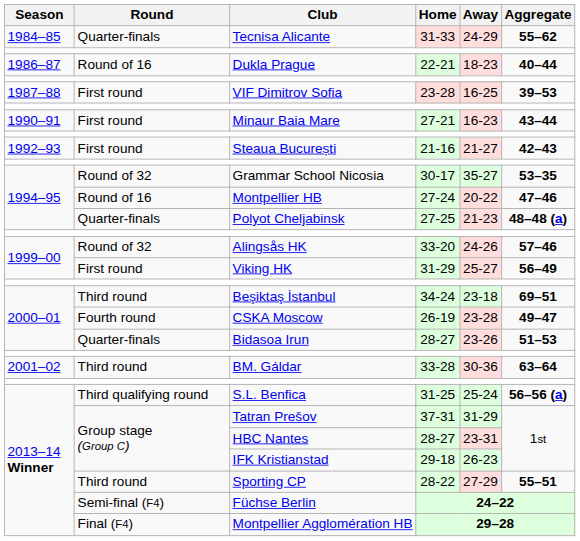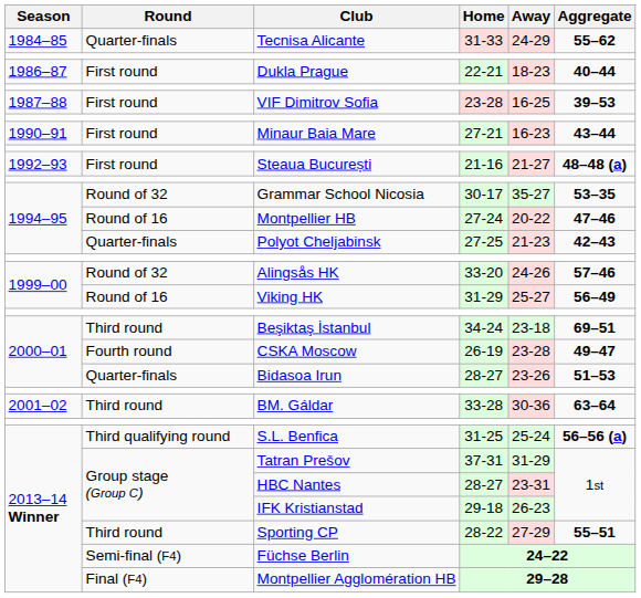 <table class="wikitable">
 <tr>
 <th width=75>Season</th>
 <th width=175>Round</th>
 <th>Club</th>
 <th>Home</th>
 <th>Away</th>
 <th>Aggregate</th>
 </tr>
 <tr>
 <td rowspan=1><a href='#'>1984–85</a></td>
 <td>Quarter-finals</td>
 <td> <a href='#'>Tecnisa Alicante</a></td>
 <td style="text-align:center; background:#fdd;">31-33</td>
 <td style="text-align:center; background:#fdd;">24-29</td>
 <td style="text-align:center;"><strong>55–62</strong></td>
 </tr>
 <tr>
 <td colspan=7 style="text-align: center;" bgcolor=white></td>
 </tr>
 <tr>
 <td rowspan=1><a href='#'>1986–87</a></td>
-<td>Round of 16</td>
+<td>First round</td>
 <td> <a href='#'>Dukla Prague</a></td>
 <td style="text-align:center; background:#dfd;">22-21</td>
 <td style="text-align:center; background:#fdd;">18-23</td>
 <td style="text-align:center;"><strong>40–44</strong></td>
 </tr>
 <tr>
 <td colspan=7 style="text-align: center;" bgcolor=white></td>
 </tr>
 <tr>
 <td rowspan=1><a href='#'>1987–88</a></td>
 <td>First round</td>
 <td> <a href='#'>VIF Dimitrov Sofia</a></td>
 <td style="text-align:center; background:#fdd;">23-28</td>
 <td style="text-align:center; background:#fdd;">16-25</td>
 <td style="text-align:center;"><strong>39–53</strong></td>
 </tr>
 <tr>
 <td colspan=7 style="text-align: center;" bgcolor=white></td>
 </tr>
 <tr>
 <td rowspan=1><a href='#'>1990–91</a></td>
 <td>First round</td>
 <td> <a href='#'>Minaur Baia Mare</a></td>
 <td style="text-align:center; background:#dfd;">27-21</td>
 <td style="text-align:center; background:#fdd;">16-23</td>
 <td style="text-align:center;"><strong>43–44</strong></td>
 </tr>
 <tr>
 <td colspan=7 style="text-align: center;" bgcolor=white></td>
 </tr>
 <tr>
 <td rowspan=1><a href='#'>1992–93</a></td>
 <td>First round</td>
 <td> <a href='#'>Steaua București</a></td>
 <td style="text-align:center; background:#dfd;">21-16</td>
 <td style="text-align:center; background:#fdd;">21-27</td>
-<td style="text-align:center;"><strong>42–43</strong></td>
+<td style="text-align:center;"><strong>48–48 (<a href='#'>a</a>)</strong></td>
 </tr>
 <tr>
 <td colspan=7 style="text-align: center;" bgcolor=white></td>
 </tr>
 <tr>
 <td rowspan=3><a href='#'>1994–95</a></td>
 <td>Round of 32</td>
 <td> Grammar School Nicosia</td>
 <td style="text-align:center; background:#dfd;">30-17</td>
 <td style="text-align:center; background:#dfd;">35-27</td>
 <td style="text-align:center;"><strong>53–35</strong></td>
 </tr>
 <tr>
 <td>Round of 16</td>
 <td> <a href='#'>Montpellier HB</a></td>
 <td style="text-align:center; background:#dfd;">27-24</td>
 <td style="text-align:center; background:#fdd;">20-22</td>
 <td style="text-align:center;"><strong>47–46</strong></td>
 </tr>
 <tr>
 <td>Quarter-finals</td>
 <td> <a href='#'>Polyot Cheljabinsk</a></td>
 <td style="text-align:center; background:#dfd;">27-25</td>
 <td style="text-align:center; background:#fdd;">21-23</td>
-<td style="text-align:center;"><strong>48–48 (<a href='#'>a</a>)</strong></td>
+<td style="text-align:center;"><strong>42–43</strong></td>
 </tr>
 <tr>
 <td colspan=7 style="text-align: center;" bgcolor=white></td>
 </tr>
 <tr>
 <td rowspan=2><a href='#'>1999–00</a></td>
 <td>Round of 32</td>
 <td> <a href='#'>Alingsås HK</a></td>
 <td style="text-align:center; background:#dfd;">33-20</td>
 <td style="text-align:center; background:#fdd;">24-26</td>
 <td style="text-align:center;"><strong>57–46</strong></td>
 </tr>
 <tr>
-<td>First round</td>
+<td>Round of 16</td>
 <td> <a href='#'>Viking HK</a></td>
 <td style="text-align:center; background:#dfd;">31-29</td>
 <td style="text-align:center; background:#fdd;">25-27</td>
 <td style="text-align:center;"><strong>56–49</strong></td>
 </tr>
 <tr>
 <td colspan=7 style="text-align: center;" bgcolor=white></td>
 </tr>
 <tr>
 <td rowspan=3><a href='#'>2000–01</a></td>
 <td>Third round</td>
 <td> <a href='#'>Beşiktaş İstanbul</a></td>
 <td style="text-align:center; background:#dfd;">34-24</td>
 <td style="text-align:center; background:#dfd;">23-18</td>
 <td style="text-align:center;"><strong>69–51</strong></td>
 </tr>
 <tr>
 <td>Fourth round</td>
 <td> <a href='#'>CSKA Moscow</a></td>
 <td style="text-align:center; background:#dfd;">26-19</td>
 <td style="text-align:center; background:#fdd;">23-28</td>
 <td style="text-align:center;"><strong>49–47</strong></td>
 </tr>
 <tr>
 <td>Quarter-finals</td>
 <td> <a href='#'>Bidasoa Irun</a></td>
 <td style="text-align:center; background:#dfd;">28-27</td>
 <td style="text-align:center; background:#fdd;">23-26</td>
 <td style="text-align:center;"><strong>51–53</strong></td>
 </tr>
 <tr>
 <td colspan=7 style="text-align: center;" bgcolor=white></td>
 </tr>
 <tr>
 <td rowspan=1><a href='#'>2001–02</a></td>
 <td>Third round</td>
 <td> <a href='#'>BM. Gáldar</a></td>
 <td style="text-align:center; background:#dfd;">33-28</td>
 <td style="text-align:center; background:#fdd;">30-36</td>
 <td style="text-align:center;"><strong>63–64</strong></td>
 </tr>
 <tr>
 <td colspan=7 style="text-align: center;" bgcolor=white></td>
 </tr>
 <tr>
 <td rowspan=7><a href='#'>2013–14</a><br> <strong>Winner</strong></td>
 <td>Third qualifying round</td>
 <td> <a href='#'>S.L. Benfica</a></td>
 <td style="text-align:center; background:#dfd;">31-25</td>
 <td style="text-align:center; background:#dfd;">25-24</td>
 <td style="text-align:center;"><strong>56–56 (<a href='#'>a</a>)</strong></td>
 </tr>
 <tr>
 <td rowspan=3>Group stage<br><em>(<small>Group C</small>)</em></td>
 <td> <a href='#'>Tatran Prešov</a></td>
 <td style="text-align:center; background:#dfd;">37-31</td>
 <td style="text-align:center; background:#dfd;">31-29</td>
 <td align=center rowspan=3>1<small>st</small></td>
 </tr>
 <tr>
 <td> <a href='#'>HBC Nantes</a></td>
 <td style="text-align:center; background:#dfd;">28-27</td>
 <td style="text-align:center; background:#fdd;">23-31</td>
 </tr>
 <tr>
 <td> <a href='#'>IFK Kristianstad</a></td>
 <td style="text-align:center; background:#dfd;">29-18</td>
 <td style="text-align:center; background:#dfd;">26-23</td>
 </tr>
 <tr>
 <td>Third round</td>
 <td> <a href='#'>Sporting CP</a></td>
 <td style="text-align:center; background:#dfd;">28-22</td>
 <td style="text-align:center; background:#fdd;">27-29</td>
 <td style="text-align:center;"><strong>55–51</strong></td>
 </tr>
 <tr>
 <td>Semi-final (<small>F4</small>)</td>
 <td> <a href='#'>Füchse Berlin</a></td>
 <td colspan=3; style="text-align:center; background:#dfd;"><strong>24–22</strong></td>
 </tr>
 <tr>
 <td>Final (<small>F4</small>)</td>
 <td> <a href='#'>Montpellier Agglomération HB</a></td>
 <td colspan=3; style="text-align:center; background:#dfd;"><strong>29–28</strong></td>
 </tr>
 </table>
